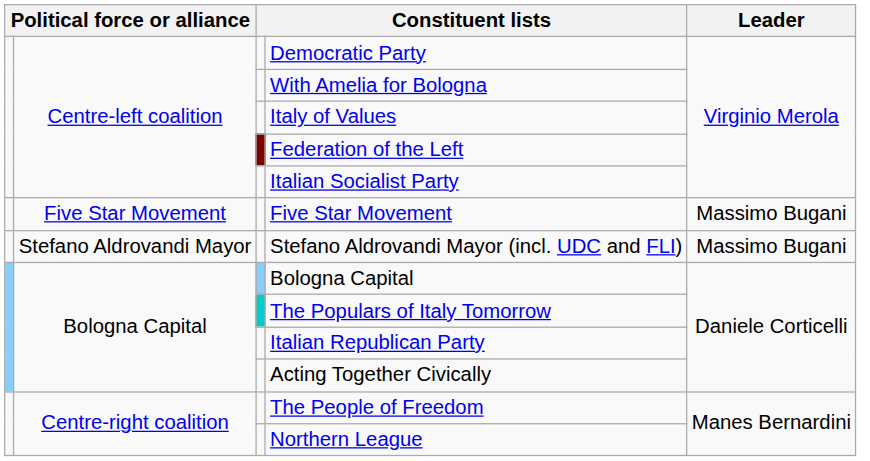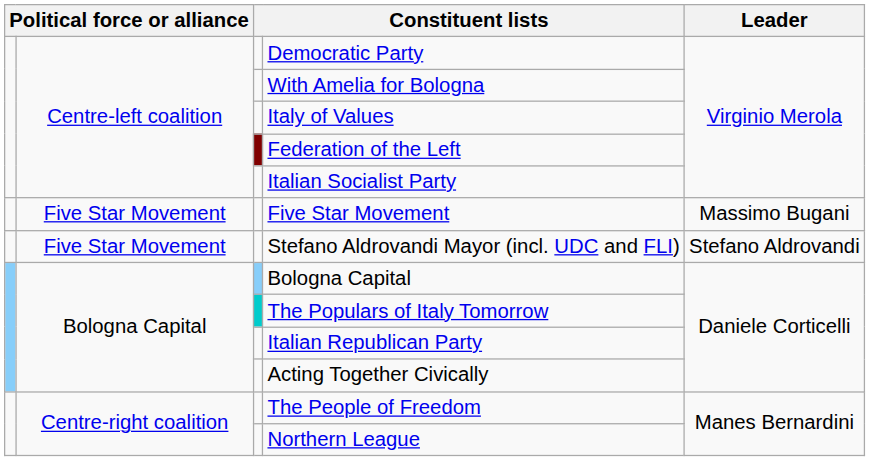 <table class=wikitable style=text-align:left>
 <tr>
 <th colspan=2>Political force or alliance</th>
 <th colspan=2>Constituent lists</th>
 <th>Leader</th>
 </tr>
 <tr>
 <td rowspan="5"></td>
 <td rowspan="5" style="text-align:center;"><a href='#'>Centre-left coalition</a></td>
 <td></td>
 <td style="text-align:left;"><a href='#'>Democratic Party</a></td>
 <td rowspan="5" style="text-align:center;"><a href='#'>Virginio Merola</a></td>
 </tr>
 <tr>
 <td></td>
 <td style="text-align:left;"><a href='#'>With Amelia for Bologna</a></td>
 </tr>
 <tr>
 <td></td>
 <td style="text-align:left;"><a href='#'>Italy of Values</a></td>
 </tr>
 <tr>
 <td bgcolor="maroon"></td>
 <td style="text-align:left;"><a href='#'>Federation of the Left</a></td>
 </tr>
 <tr>
 <td></td>
 <td style="text-align:left;"><a href='#'>Italian Socialist Party</a></td>
 </tr>
 <tr>
 <td style="background-color:"></td>
 <td style="text-align:center;"><a href='#'>Five Star Movement</a></td>
 <td></td>
 <td style="text-align:left;"><a href='#'>Five Star Movement</a></td>
 <td style="text-align:center;">Massimo Bugani</td>
 </tr>
 <tr>
 <td style="background-color:"></td>
-<td style="text-align:center;">Stefano Aldrovandi Mayor</td>
+<td style="text-align:center;"><a href='#'>Five Star Movement</a></td>
 <td></td>
 <td style="text-align:left;">Stefano Aldrovandi Mayor (incl. <a href='#'>UDC</a> and <a href='#'>FLI</a>)</td>
-<td style="text-align:center;">Massimo Bugani</td>
+<td style="text-align:center;">Stefano Aldrovandi</td>
 </tr>
 <tr>
 <td rowspan="4" style="background:lightskyblue;"></td>
 <td rowspan="4" style="text-align:center;">Bologna Capital</td>
 <td bgcolor="lightskyblue"></td>
 <td style="text-align:left;">Bologna Capital</td>
 <td rowspan="4" style="text-align:center;">Daniele Corticelli</td>
 </tr>
 <tr>
 <td bgcolor="#00CCCC"></td>
 <td style="text-align:left;"><a href='#'>The Populars of Italy Tomorrow</a></td>
 </tr>
 <tr>
 <td></td>
 <td style="text-align:left;"><a href='#'>Italian Republican Party</a></td>
 </tr>
 <tr>
 <td></td>
 <td style="text-align:left;">Acting Together Civically</td>
 </tr>
 <tr>
 <td rowspan="2" style="background:"></td>
 <td rowspan="2" style="text-align:center;"><a href='#'>Centre-right coalition</a></td>
 <td></td>
 <td style="text-align:left;"><a href='#'>The People of Freedom</a></td>
 <td rowspan="2" style="text-align:center;">Manes Bernardini</td>
 </tr>
 <tr>
 <td></td>
 <td style="text-align:left;"><a href='#'>Northern League</a></td>
 </tr>
 </table>
